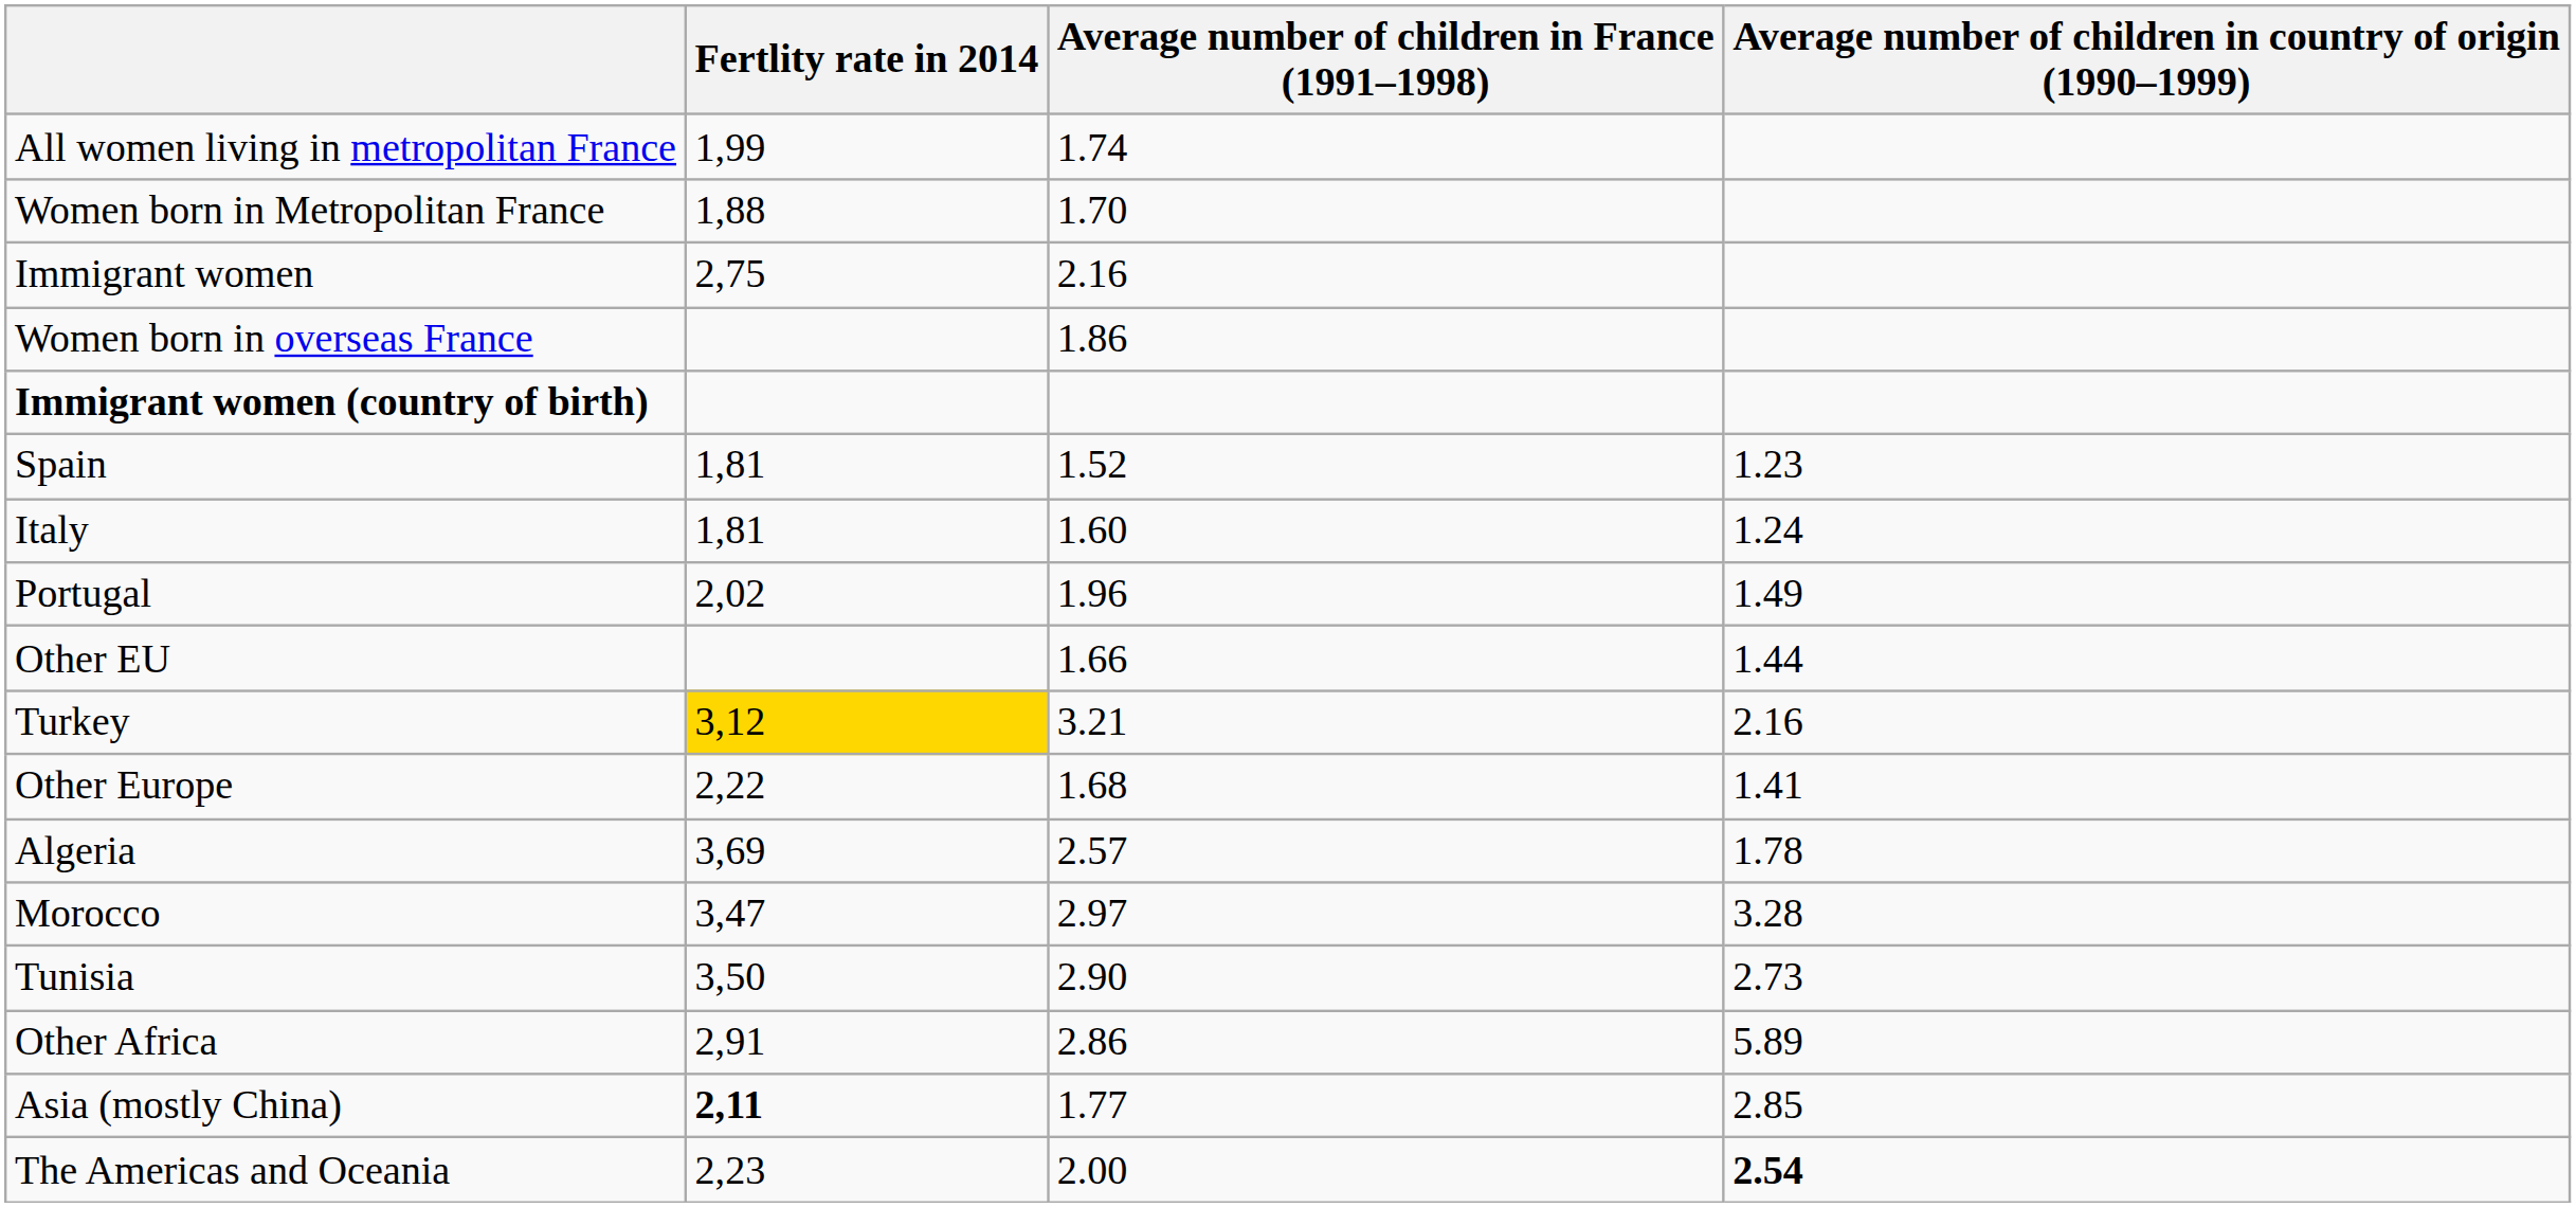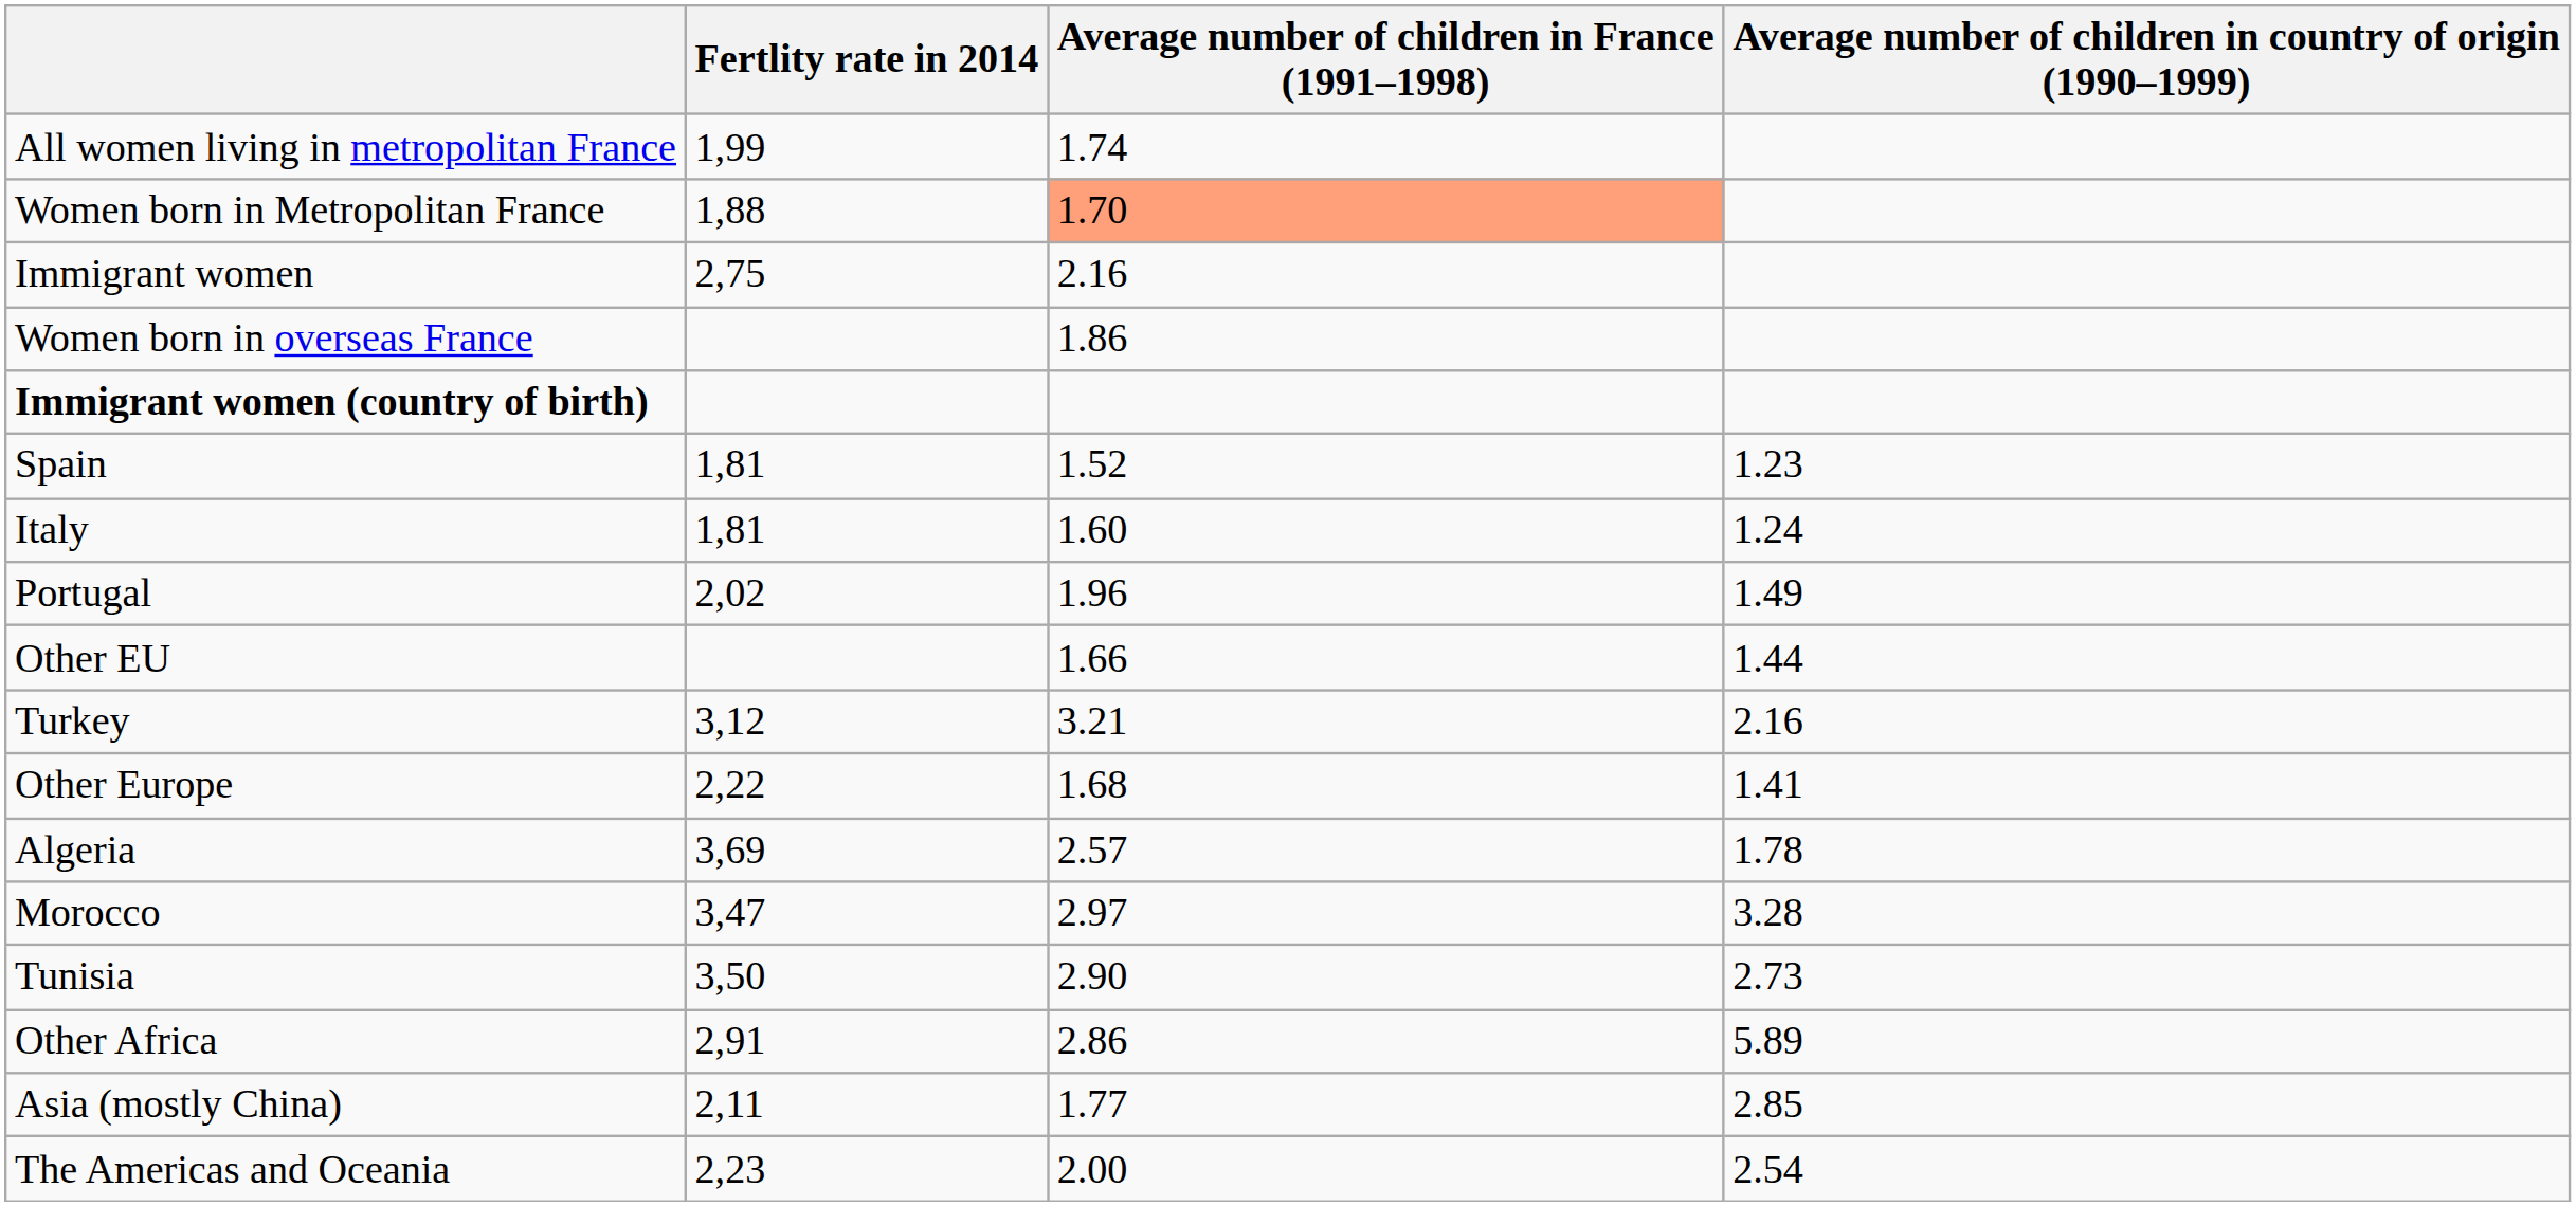 <table class="wikitable mw-collapsible mw-collapsed">
 <tr>
 <th></th>
 <th>Fertlity rate in 2014</th>
 <th>Average number of children in France<br>(1991–1998)</th>
 <th>Average number of children in country of origin<br>(1990–1999)</th>
 </tr>
 <tr>
 <td>All women living in <a href='#'>metropolitan France</a></td>
 <td>1,99</td>
 <td>1.74</td>
 <td></td>
 </tr>
 <tr>
 <td>Women born in Metropolitan France</td>
 <td>1,88</td>
-<td>1.70</td>
+<td style="background: lightsalmon;">1.70</td>
 <td></td>
 </tr>
 <tr>
 <td>Immigrant women</td>
 <td>2,75</td>
 <td>2.16</td>
 <td></td>
 </tr>
 <tr>
 <td>Women born in <a href='#'>overseas France</a></td>
 <td></td>
 <td>1.86</td>
 <td></td>
 </tr>
 <tr>
 <td><strong>Immigrant women (country of birth)</strong></td>
 <td></td>
 <td></td>
 </tr>
 <tr>
 <td>Spain</td>
 <td>1,81</td>
 <td>1.52</td>
 <td>1.23</td>
 </tr>
 <tr>
 <td>Italy</td>
 <td>1,81</td>
 <td>1.60</td>
 <td>1.24</td>
 </tr>
 <tr>
 <td>Portugal</td>
 <td>2,02</td>
 <td>1.96</td>
 <td>1.49</td>
 </tr>
 <tr>
 <td>Other EU</td>
 <td></td>
 <td>1.66</td>
 <td>1.44</td>
 </tr>
 <tr>
 <td>Turkey</td>
-<td style="background: gold;">3,12</td>
+<td>3,12</td>
 <td>3.21</td>
 <td>2.16</td>
 </tr>
 <tr>
 <td>Other Europe</td>
 <td>2,22</td>
 <td>1.68</td>
 <td>1.41</td>
 </tr>
 <tr>
 <td>Algeria</td>
 <td>3,69</td>
 <td>2.57</td>
 <td>1.78</td>
 </tr>
 <tr>
 <td>Morocco</td>
 <td>3,47</td>
 <td>2.97</td>
 <td>3.28</td>
 </tr>
 <tr>
 <td>Tunisia</td>
 <td>3,50</td>
 <td>2.90</td>
 <td>2.73</td>
 </tr>
 <tr>
 <td>Other Africa</td>
 <td>2,91</td>
 <td>2.86</td>
 <td>5.89</td>
 </tr>
 <tr>
 <td>Asia (mostly China)</td>
-<td><strong>2,11</strong></td>
+<td>2,11</td>
 <td>1.77</td>
 <td>2.85</td>
 </tr>
 <tr>
 <td>The Americas and Oceania</td>
 <td>2,23</td>
 <td>2.00</td>
-<td><strong>2.54</strong></td>
+<td>2.54</td>
 </tr>
 </table>
